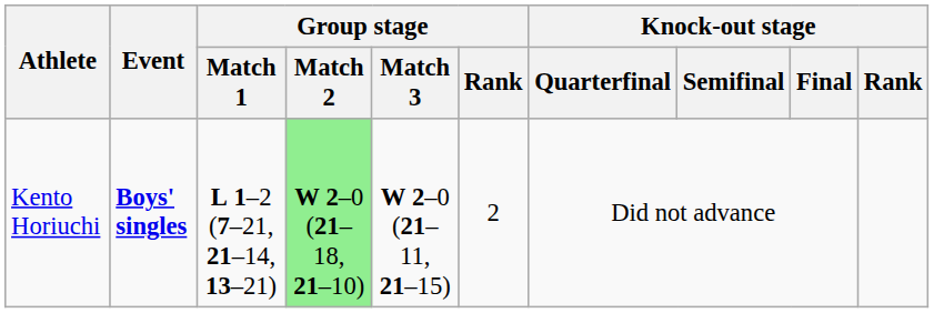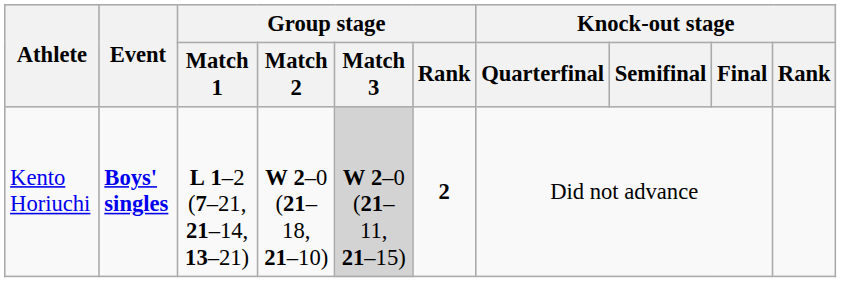 <table class="wikitable" width="85%" style="text-align:left; font-size:90%">
 <tr>
 <th rowspan=2>Athlete</th>
 <th rowspan=2>Event</th>
 <th colspan=4>Group stage</th>
 <th colspan=4>Knock-out stage</th>
 </tr>
 <tr>
 <th>Match 1</th>
 <th>Match 2</th>
 <th>Match 3</th>
 <th>Rank</th>
 <th>Quarterfinal</th>
 <th>Semifinal</th>
 <th>Final</th>
 <th>Rank</th>
 </tr>
 <tr>
 <td><a href='#'>Kento Horiuchi</a></td>
 <td><strong><a href='#'>Boys' singles</a></strong></td>
 <td align=center> <br><br><strong>L</strong> <strong>1</strong>–2 <br> (<strong>7</strong>–21, <strong>21</strong>–14, <strong>13</strong>–21)</td>
-<td align=center style="background: lightgreen;"> <br><br><strong>W</strong> <strong>2</strong>–0 <br> (<strong>21</strong>–18, <strong>21</strong>–10)</td>
-<td align=center> <br><br><strong>W</strong> <strong>2</strong>–0 <br> (<strong>21</strong>–11, <strong>21</strong>–15)</td>
-<td align=center>2</td>
+<td align=center> <br><br><strong>W</strong> <strong>2</strong>–0 <br> (<strong>21</strong>–18, <strong>21</strong>–10)</td>
+<td align=center style="background: lightgrey;"> <br><br><strong>W</strong> <strong>2</strong>–0 <br> (<strong>21</strong>–11, <strong>21</strong>–15)</td>
+<td align=center><strong>2</strong></td>
 <td colspan="3" align=center>Did not advance</td>
 <td align=center></td>
 </tr>
 </table>
